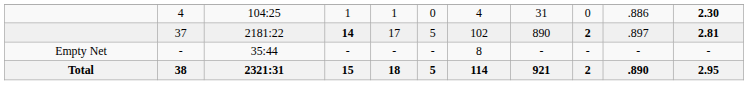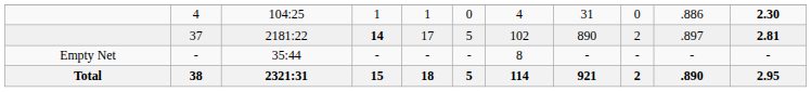 <table class="wikitable sortable" width ="1000">
 <tr align="center">
 </tr>
 <tr align="center" bgcolor="">
 <td></td>
 <td>4</td>
 <td>104:25</td>
 <td>1</td>
 <td>1</td>
 <td>0</td>
 <td>4</td>
 <td>31</td>
 <td>0</td>
 <td>.886</td>
 <td><strong>2.30</strong></td>
 </tr>
 <tr align="center" bgcolor="f0f0f0">
 <td></td>
 <td>37</td>
 <td>2181:22</td>
 <td><strong>14</strong></td>
 <td>17</td>
 <td>5</td>
 <td>102</td>
 <td>890</td>
-<td><strong>2</strong></td>
+<td>2</td>
 <td>.897</td>
 <td><strong>2.81</strong></td>
 </tr>
 <tr align="center" bgcolor="">
 <td>Empty Net</td>
 <td>-</td>
 <td>35:44</td>
 <td>-</td>
 <td>-</td>
 <td>-</td>
 <td>8</td>
 <td>-</td>
 <td>-</td>
 <td>-</td>
 <td>-</td>
 </tr>
 <tr>
 <th>Total</th>
 <th>38</th>
 <th>2321:31</th>
 <th>15</th>
 <th>18</th>
 <th>5</th>
 <th>114</th>
 <th>921</th>
 <th>2</th>
 <th>.890</th>
 <th>2.95</th>
 </tr>
 </table>
